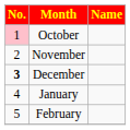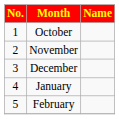 <table class="wikitable sortable" style="text-align: center;">
 <tr>
 <th style="background:#ff0000; color:#ffff00; text-align:center;">No.</th>
 <th style="background:#ff0000; color:#ffff00; text-align:center;">Month</th>
 <th style="background:#ff0000; color:#ffff00; text-align:center;">Name</th>
 </tr>
 <tr>
-<td style="background: pink;">1</td>
+<td>1</td>
 <td>October</td>
 <td></td>
 </tr>
 <tr>
 <td>2</td>
 <td>November</td>
 <td></td>
 </tr>
 <tr>
-<td><strong>3</strong></td>
+<td>3</td>
 <td>December</td>
 <td></td>
 </tr>
 <tr>
 <td>4</td>
 <td>January</td>
 <td></td>
 </tr>
 <tr>
 <td>5</td>
 <td>February</td>
 <td></td>
 </tr>
 <tr>
 </tr>
 </table>
